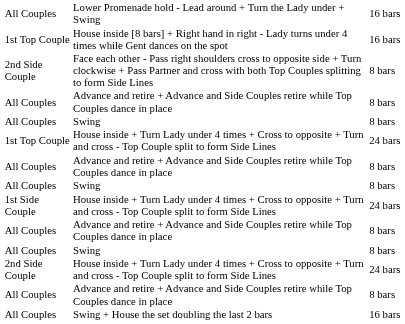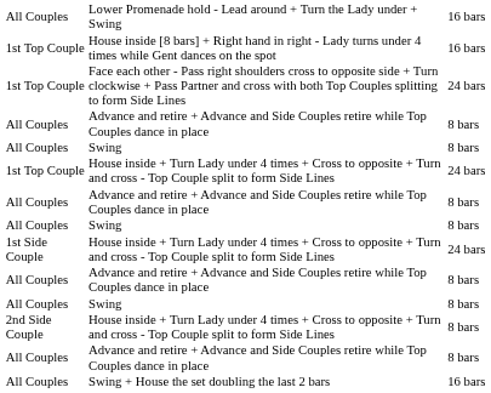 <table cellspacing=0 border=0 cellpadding=1>
 <tr>
 <td style="width:100px">All Couples</td>
 <td style="width:440px">Lower Promenade hold - Lead around + Turn the Lady under + Swing</td>
 <td style="width:60px">16 bars</td>
 </tr>
 <tr>
 <td>1st Top Couple</td>
 <td>House inside [8 bars] + Right hand in right - Lady turns under 4 times while Gent dances on the spot</td>
 <td>16 bars</td>
 </tr>
 <tr>
-<td>2nd Side Couple</td>
+<td>1st Top Couple</td>
 <td>Face each other - Pass right shoulders cross to opposite side + Turn clockwise + Pass Partner and cross with both Top Couples splitting to form Side Lines</td>
-<td>8 bars</td>
+<td>24 bars</td>
 </tr>
 <tr>
 <td>All Couples</td>
 <td>Advance and retire + Advance and Side Couples retire while Top Couples dance in place</td>
 <td>8 bars</td>
 </tr>
 <tr>
 <td>All Couples</td>
 <td>Swing</td>
 <td>8 bars</td>
 </tr>
 <tr>
 <td>1st Top Couple</td>
 <td>House inside + Turn Lady under 4 times + Cross to opposite + Turn and cross - Top Couple split to form Side Lines</td>
 <td>24 bars</td>
 </tr>
 <tr>
 <td>All Couples</td>
 <td>Advance and retire + Advance and Side Couples retire while Top Couples dance in place</td>
 <td>8 bars</td>
 </tr>
 <tr>
 <td>All Couples</td>
 <td>Swing</td>
 <td>8 bars</td>
 </tr>
 <tr>
 <td>1st Side Couple</td>
 <td>House inside + Turn Lady under 4 times + Cross to opposite + Turn and cross - Top Couple split to form Side Lines</td>
 <td>24 bars</td>
 </tr>
 <tr>
 <td>All Couples</td>
 <td>Advance and retire + Advance and Side Couples retire while Top Couples dance in place</td>
 <td>8 bars</td>
 </tr>
 <tr>
 <td>All Couples</td>
 <td>Swing</td>
 <td>8 bars</td>
 </tr>
 <tr>
 <td>2nd Side Couple</td>
 <td>House inside + Turn Lady under 4 times + Cross to opposite + Turn and cross - Top Couple split to form Side Lines</td>
-<td>24 bars</td>
+<td>8 bars</td>
 </tr>
 <tr>
 <td>All Couples</td>
 <td>Advance and retire + Advance and Side Couples retire while Top Couples dance in place</td>
 <td>8 bars</td>
 </tr>
 <tr>
 <td>All Couples</td>
 <td>Swing + House the set doubling the last 2 bars</td>
 <td>16 bars</td>
 </tr>
 </table>
